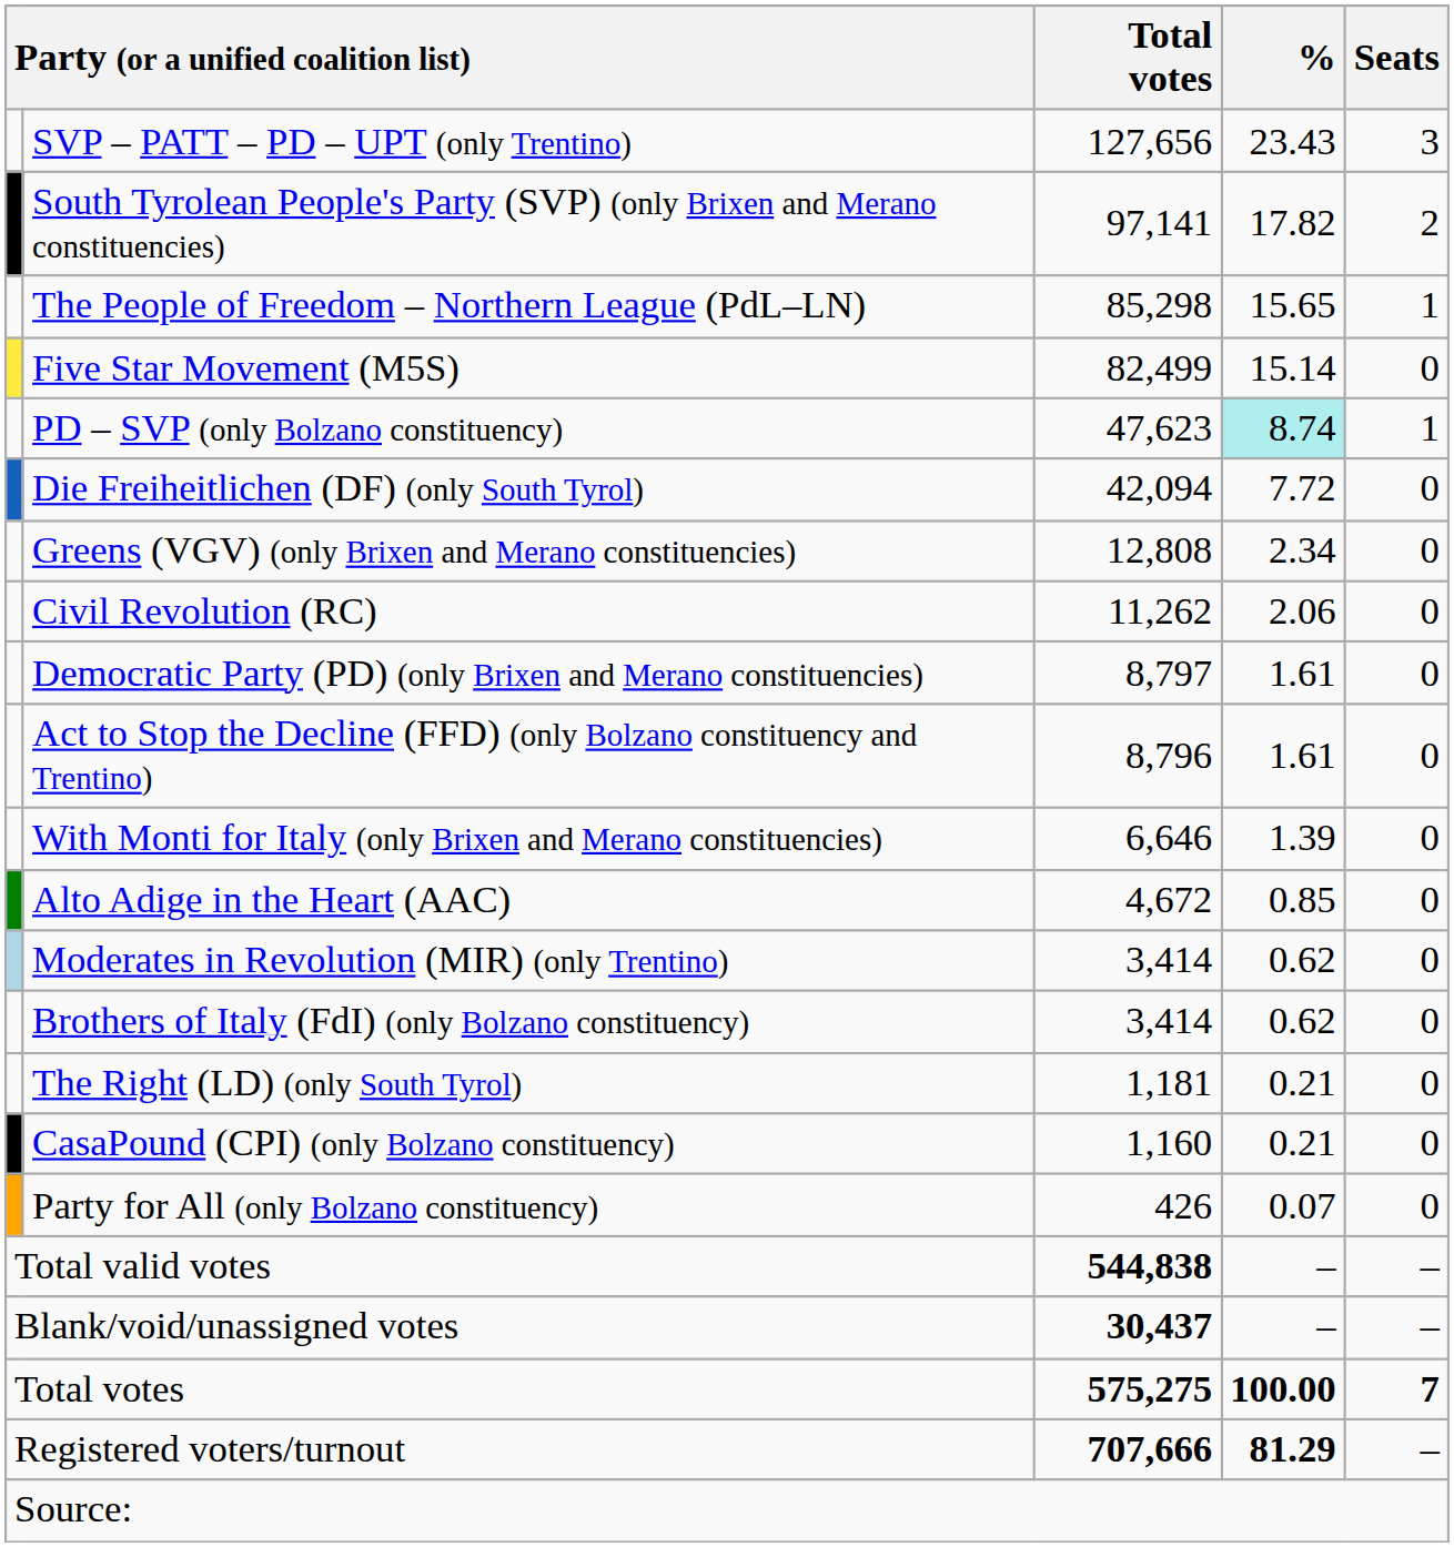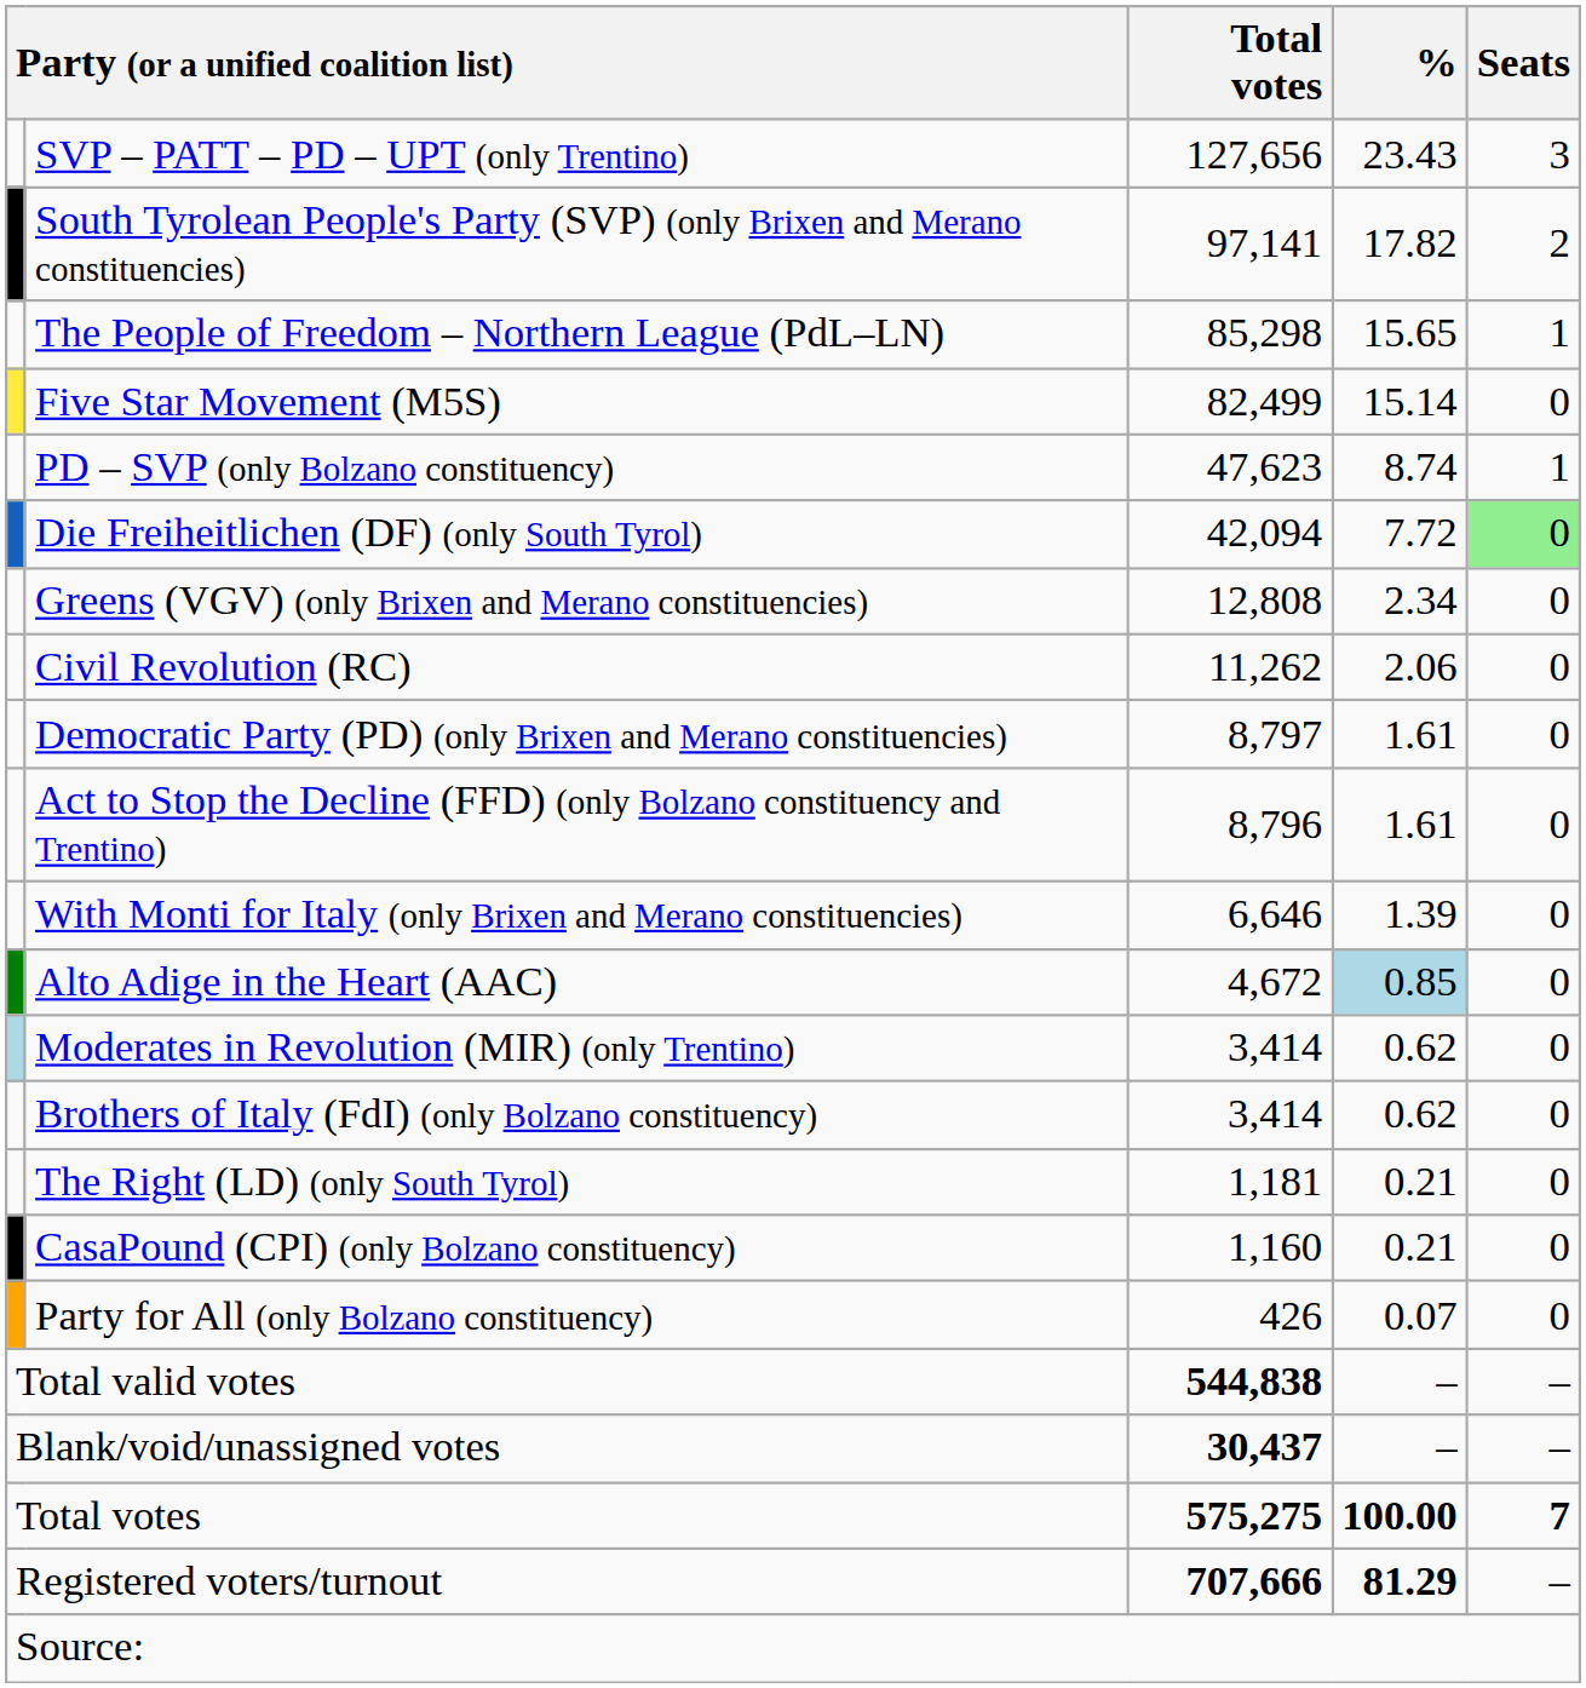 <table class="wikitable" style="width:600px">
 <tr>
 <th colspan="2" style="text-align:left;">Party <small>(or a unified coalition list)</small></th>
 <th style="text-align:right;">Total votes</th>
 <th style="text-align:right;">%</th>
 <th style="text-align:right;">Seats</th>
 </tr>
 <tr>
 <td></td>
 <td style="text-align:left;"><a href='#'>SVP</a> – <a href='#'>PATT</a> – <a href='#'>PD</a> – <a href='#'>UPT</a> <small>(only <a href='#'>Trentino</a>)</small></td>
 <td style="text-align:right;">127,656</td>
 <td style="text-align:right;">23.43</td>
 <td style="text-align:right;">3</td>
 </tr>
 <tr>
 <td style="background:black;"></td>
 <td style="text-align:left;"><a href='#'>South Tyrolean People's Party</a> (SVP) <small>(only <a href='#'>Brixen</a> and <a href='#'>Merano</a> constituencies)</small></td>
 <td style="text-align:right;">97,141</td>
 <td style="text-align:right;">17.82</td>
 <td style="text-align:right;">2</td>
 </tr>
 <tr>
 <td></td>
 <td style="text-align:left;"><a href='#'>The People of Freedom</a> – <a href='#'>Northern League</a> (PdL–LN)</td>
 <td style="text-align:right;">85,298</td>
 <td style="text-align:right;">15.65</td>
 <td style="text-align:right;">1</td>
 </tr>
 <tr>
 <td style="background:#ffeb3b;"></td>
 <td style="text-align:left;"><a href='#'>Five Star Movement</a> (M5S)</td>
 <td style="text-align:right;">82,499</td>
 <td style="text-align:right;">15.14</td>
 <td style="text-align:right;">0</td>
 </tr>
 <tr>
 <td></td>
 <td style="text-align:left;"><a href='#'>PD</a> – <a href='#'>SVP</a> <small>(only <a href='#'>Bolzano</a> constituency)</small></td>
 <td style="text-align:right;">47,623</td>
-<td style="background: paleturquoise; text-align:right;">8.74</td>
+<td style="text-align:right;">8.74</td>
 <td style="text-align:right;">1</td>
 </tr>
 <tr>
 <td style="background:#1560bd;"></td>
 <td style="text-align:left;"><a href='#'>Die Freiheitlichen</a> (DF) <small>(only <a href='#'>South Tyrol</a>)</small></td>
 <td style="text-align:right;">42,094</td>
 <td style="text-align:right;">7.72</td>
-<td style="text-align:right;">0</td>
+<td style="background: lightgreen; text-align:right;">0</td>
 </tr>
 <tr>
 <td></td>
 <td style="text-align:left;"><a href='#'>Greens</a> (VGV) <small>(only <a href='#'>Brixen</a> and <a href='#'>Merano</a> constituencies)</small></td>
 <td style="text-align:right;">12,808</td>
 <td style="text-align:right;">2.34</td>
 <td style="text-align:right;">0</td>
 </tr>
 <tr>
 <td></td>
 <td style="text-align:left;"><a href='#'>Civil Revolution</a> (RC)</td>
 <td style="text-align:right;">11,262</td>
 <td style="text-align:right;">2.06</td>
 <td style="text-align:right;">0</td>
 </tr>
 <tr>
 <td></td>
 <td style="text-align:left;"><a href='#'>Democratic Party</a> (PD) <small>(only <a href='#'>Brixen</a> and <a href='#'>Merano</a> constituencies)</small></td>
 <td style="text-align:right;">8,797</td>
 <td style="text-align:right;">1.61</td>
 <td style="text-align:right;">0</td>
 </tr>
 <tr>
 <td></td>
 <td style="text-align:left;"><a href='#'>Act to Stop the Decline</a> (FFD) <small>(only <a href='#'>Bolzano</a> constituency and <a href='#'>Trentino</a>)</small></td>
 <td style="text-align:right;">8,796</td>
 <td style="text-align:right;">1.61</td>
 <td style="text-align:right;">0</td>
 </tr>
 <tr>
 <td></td>
 <td style="text-align:left;"><a href='#'>With Monti for Italy</a> <small>(only <a href='#'>Brixen</a> and <a href='#'>Merano</a> constituencies)</small></td>
 <td style="text-align:right;">6,646</td>
 <td style="text-align:right;">1.39</td>
 <td style="text-align:right;">0</td>
 </tr>
 <tr>
 <td style="background:green;"></td>
 <td style="text-align:left;"><a href='#'>Alto Adige in the Heart</a> (AAC)</td>
 <td style="text-align:right;">4,672</td>
-<td style="text-align:right;">0.85</td>
+<td style="background: lightblue; text-align:right;">0.85</td>
 <td style="text-align:right;">0</td>
 </tr>
 <tr>
 <td style="background:lightblue;"></td>
 <td style="text-align:left;"><a href='#'>Moderates in Revolution</a> (MIR) <small>(only <a href='#'>Trentino</a>)</small></td>
 <td style="text-align:right;">3,414</td>
 <td style="text-align:right;">0.62</td>
 <td style="text-align:right;">0</td>
 </tr>
 <tr>
 <td></td>
 <td style="text-align:left;"><a href='#'>Brothers of Italy</a> (FdI) <small>(only <a href='#'>Bolzano</a> constituency)</small></td>
 <td style="text-align:right;">3,414</td>
 <td style="text-align:right;">0.62</td>
 <td style="text-align:right;">0</td>
 </tr>
 <tr>
 <td></td>
 <td style="text-align:left;"><a href='#'>The Right</a> (LD) <small>(only <a href='#'>South Tyrol</a>)</small></td>
 <td style="text-align:right;">1,181</td>
 <td style="text-align:right;">0.21</td>
 <td style="text-align:right;">0</td>
 </tr>
 <tr>
 <td style="background:black;"></td>
 <td style="text-align:left;"><a href='#'>CasaPound</a> (CPI) <small>(only <a href='#'>Bolzano</a> constituency)</small></td>
 <td style="text-align:right;">1,160</td>
 <td style="text-align:right;">0.21</td>
 <td style="text-align:right;">0</td>
 </tr>
 <tr>
 <td style="background:orange;"></td>
 <td style="text-align:left;">Party for All <small>(only <a href='#'>Bolzano</a> constituency)</small></td>
 <td style="text-align:right;">426</td>
 <td style="text-align:right;">0.07</td>
 <td style="text-align:right;">0</td>
 </tr>
 <tr>
 <td style="text-align:left;" colspan="2">Total valid votes</td>
 <td style="text-align:right;"><strong>544,838</strong></td>
 <td style="text-align:right;">–</td>
 <td style="text-align:right;">–</td>
 </tr>
 <tr>
 <td style="text-align:left;" colspan="2">Blank/void/unassigned votes</td>
 <td style="text-align:right;"><strong>30,437</strong></td>
 <td style="text-align:right;">–</td>
 <td style="text-align:right;">–</td>
 </tr>
 <tr>
 <td style="text-align:left;" colspan="2">Total votes</td>
 <td style="text-align:right;"><strong>575,275</strong></td>
 <td style="text-align:right;"><strong>100.00</strong></td>
 <td style="text-align:right;"><strong>7</strong></td>
 </tr>
 <tr>
 <td style="text-align:left;" colspan="2">Registered voters/turnout</td>
 <td style="text-align:right;"><strong>707,666</strong></td>
 <td style="text-align:right;"><strong>81.29</strong></td>
 <td style="text-align:right;">–</td>
 </tr>
 <tr>
 <td style="text-align:left;" colspan="8">Source: </td>
 </tr>
 </table>
